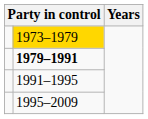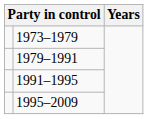 <table class="wikitable">
 <tr>
 <th colspan="2">Party in control</th>
 <th>Years</th>
 </tr>
 <tr>
 <td></td>
-<td style="background: gold;">1973–1979</td>
+<td>1973–1979</td>
 </tr>
 <tr>
 <td></td>
-<td><strong>1979–1991</strong></td>
+<td>1979–1991</td>
 </tr>
 <tr>
 <td></td>
 <td>1991–1995</td>
 </tr>
 <tr>
 <td></td>
 <td>1995–2009</td>
 </tr>
 </table>
